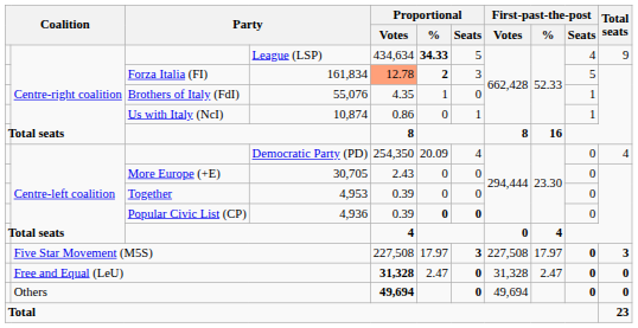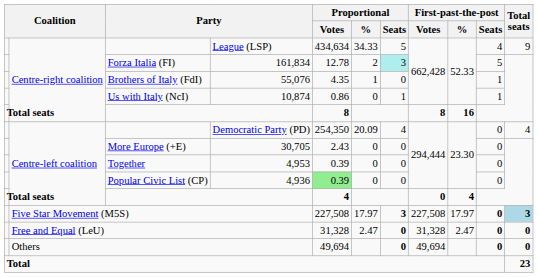 <table class="wikitable" style="text-align:right">
 <tr>
 <th colspan="2" rowspan="2">Coalition</th>
 <th colspan=2 rowspan=2>Party</th>
 <th colspan="3" style="text-align:center; vertical-align:top;">Proportional</th>
 <th colspan="3" style="text-align:center; vertical-align:top;">First-past-the-post</th>
 <th style="text-align:center;" rowspan="2">Total<br>seats</th>
 </tr>
 <tr>
 <th style="text-align:center; vertical-align:bottom;">Votes</th>
 <th style="text-align:center; vertical-align:bottom;">%</th>
 <th style="text-align:center; vertical-align:bottom;">Seats</th>
 <th style="text-align:center; vertical-align:bottom;">Votes</th>
 <th style="text-align:center; vertical-align:bottom;">%</th>
 <th style="text-align:center; vertical-align:bottom;">Seats</th>
 </tr>
 <tr>
 <td></td>
 <td style="text-align:left;" rowspan="5"><a href='#'>Centre-right coalition</a></td>
 <td></td>
 <td align=left><a href='#'>League</a> (LSP)</td>
 <td>434,634</td>
-<td><strong>34.33</strong></td>
+<td>34.33</td>
 <td>5</td>
 <td rowspan="4">662,428</td>
 <td rowspan="4">52.33</td>
 <td>4</td>
 <td>9</td>
 </tr>
 <tr>
 <td></td>
 <td align=left><a href='#'>Forza Italia</a> (FI)</td>
 <td>161,834</td>
-<td style="background: lightsalmon;">12.78</td>
-<td><strong>2</strong></td>
-<td>3</td>
+<td>12.78</td>
+<td>2</td>
+<td style="background: paleturquoise;">3</td>
 <td>5</td>
 </tr>
 <tr>
 <td></td>
 <td align=left><a href='#'>Brothers of Italy</a> (FdI)</td>
 <td>55,076</td>
 <td>4.35</td>
 <td>1</td>
 <td>0</td>
 <td>1</td>
 </tr>
 <tr>
 <td></td>
 <td align=left><a href='#'>Us with Italy</a> (NcI)</td>
 <td>10,874</td>
 <td>0.86</td>
 <td>0</td>
 <td>1</td>
 <td>1</td>
 </tr>
 <tr>
 <td colspan="4" style="text-align:left;"><strong>Total seats</strong></td>
 <td><strong>8</strong></td>
 <td colspan="2"></td>
 <td><strong>8</strong></td>
 <td><strong>16</strong></td>
 </tr>
 <tr>
 <td></td>
 <td rowspan=5 style="text-align:left;"><a href='#'>Centre-left coalition</a></td>
 <td></td>
 <td style="text-align:left;"><a href='#'>Democratic Party</a> (PD)</td>
 <td>254,350</td>
 <td>20.09</td>
 <td>4</td>
 <td rowspan="4">294,444</td>
 <td rowspan="4">23.30</td>
 <td>0</td>
 <td>4</td>
 </tr>
 <tr>
 <td></td>
 <td style="text-align:left;"><a href='#'>More Europe</a> (+E)</td>
 <td>30,705</td>
 <td>2.43</td>
 <td>0</td>
 <td>0</td>
 <td>0</td>
 </tr>
 <tr>
 <td></td>
 <td style="text-align:left;"><a href='#'>Together</a></td>
 <td>4,953</td>
 <td>0.39</td>
 <td>0</td>
 <td>0</td>
 <td>0</td>
 </tr>
 <tr>
 <td></td>
 <td style="text-align:left;"><a href='#'>Popular Civic List</a> (CP)</td>
 <td>4,936</td>
-<td>0.39</td>
-<td><strong>0</strong></td>
-<td><strong>0</strong></td>
+<td style="background: lightgreen;">0.39</td>
+<td>0</td>
+<td>0</td>
 <td>0</td>
 </tr>
 <tr>
 <td colspan="4" style="text-align:left;"><strong>Total seats</strong></td>
 <td><strong>4</strong></td>
 <td colspan="2"></td>
 <td><strong>0</strong></td>
 <td><strong>4</strong></td>
 </tr>
 <tr>
 <td style="background:"></td>
 <td colspan="3" style="text-align:left;"><a href='#'>Five Star Movement</a> (M5S)</td>
 <td>227,508</td>
 <td>17.97</td>
 <td><strong>3</strong></td>
 <td>227,508</td>
 <td>17.97</td>
 <td><strong>0</strong></td>
-<td><strong>3</strong></td>
+<td style="background: lightblue;"><strong>3</strong></td>
 </tr>
 <tr>
 <td style="background:"></td>
 <td colspan="3" style="text-align:left;"><a href='#'>Free and Equal</a> (LeU)</td>
-<td><strong>31,328</strong></td>
+<td>31,328</td>
 <td>2.47</td>
 <td><strong>0</strong></td>
 <td>31,328</td>
 <td>2.47</td>
 <td><strong>0</strong></td>
 <td><strong>0</strong></td>
 </tr>
 <tr>
 <td></td>
 <td colspan="3" style="text-align:left;">Others</td>
-<td><strong>49,694</strong></td>
+<td>49,694</td>
 <td></td>
 <td><strong>0</strong></td>
 <td>49,694</td>
 <td></td>
 <td><strong>0</strong></td>
 <td><strong>0</strong></td>
 </tr>
 <tr>
 <td colspan="10" style="text-align:left;"><strong>Total</strong></td>
 <td><strong>23</strong></td>
 </tr>
 </table>
